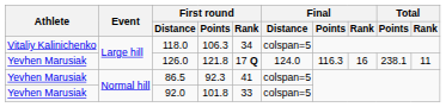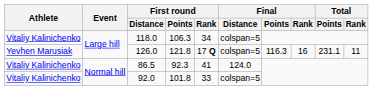 <table class=wikitable style=font-size:90%;text-align:center>
 <tr>
 <th rowspan=2>Athlete</th>
 <th rowspan=2>Event</th>
 <th colspan=3>First round</th>
 <th colspan=3>Final</th>
 <th colspan=2>Total</th>
 </tr>
 <tr style=font-size:95%>
 <th>Distance</th>
 <th>Points</th>
 <th>Rank</th>
 <th>Distance</th>
 <th>Points</th>
 <th>Rank</th>
 <th>Points</th>
 <th>Rank</th>
 </tr>
 <tr>
 <td align=left><a href='#'>Vitaliy Kalinichenko</a></td>
 <td align=left rowspan=2><a href='#'>Large hill</a></td>
 <td>118.0</td>
 <td>106.3</td>
 <td>34</td>
 <td>colspan=5 </td>
 </tr>
 <tr>
 <td align=left><a href='#'>Yevhen Marusiak</a></td>
 <td>126.0</td>
 <td>121.8</td>
 <td>17 <strong>Q</strong></td>
-<td>124.0</td>
+<td>colspan=5 </td>
 <td>116.3</td>
 <td>16</td>
-<td>238.1</td>
+<td>231.1</td>
 <td>11</td>
 </tr>
 <tr>
-<td align=left><a href='#'>Yevhen Marusiak</a></td>
+<td align=left><a href='#'>Vitaliy Kalinichenko</a></td>
 <td align=left rowspan=2><a href='#'>Normal hill</a></td>
 <td>86.5</td>
 <td>92.3</td>
 <td>41</td>
-<td>colspan=5 </td>
+<td>124.0</td>
 </tr>
 <tr>
-<td align=left><a href='#'>Yevhen Marusiak</a></td>
+<td align=left><a href='#'>Vitaliy Kalinichenko</a></td>
 <td>92.0</td>
 <td>101.8</td>
 <td>33</td>
 <td>colspan=5 </td>
 </tr>
 </table>
